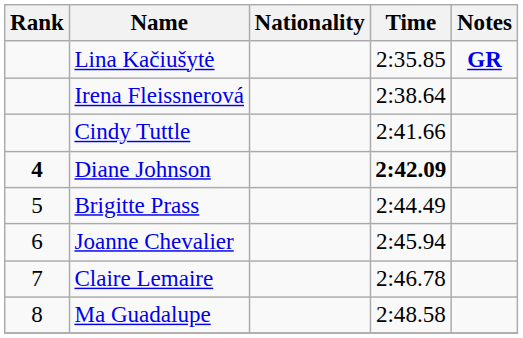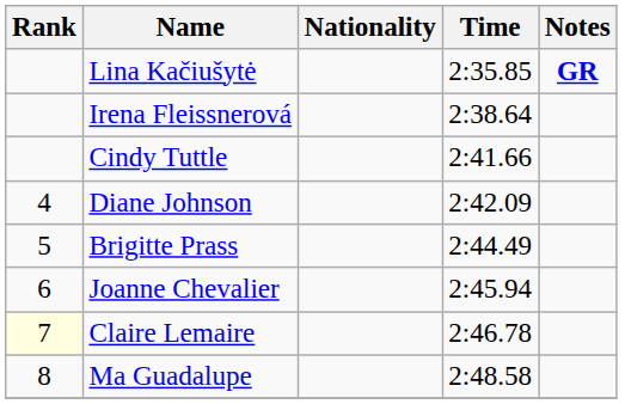 <table class="wikitable sortable" style="text-align:center">
 <tr>
 <th>Rank</th>
 <th>Name</th>
 <th>Nationality</th>
 <th>Time</th>
 <th>Notes</th>
 </tr>
 <tr>
 <td></td>
 <td align="left"><a href='#'>Lina Kačiušytė</a></td>
 <td align="left"></td>
 <td>2:35.85</td>
 <td><strong><a href='#'>GR</a></strong></td>
 </tr>
 <tr>
 <td></td>
 <td align="left"><a href='#'>Irena Fleissnerová</a></td>
 <td align="left"></td>
 <td>2:38.64</td>
 <td></td>
 </tr>
 <tr>
 <td></td>
 <td align="left"><a href='#'>Cindy Tuttle</a></td>
 <td align="left"></td>
 <td>2:41.66</td>
 <td></td>
 </tr>
 <tr>
-<td><strong>4</strong></td>
+<td>4</td>
 <td align="left"><a href='#'>Diane Johnson</a></td>
 <td align="left"></td>
-<td><strong>2:42.09</strong></td>
+<td>2:42.09</td>
 <td></td>
 </tr>
 <tr>
 <td>5</td>
 <td align="left"><a href='#'>Brigitte Prass</a></td>
 <td align="left"></td>
 <td>2:44.49</td>
 <td></td>
 </tr>
 <tr>
 <td>6</td>
 <td align="left"><a href='#'>Joanne Chevalier</a></td>
 <td align="left"></td>
 <td>2:45.94</td>
 <td></td>
 </tr>
 <tr>
-<td>7</td>
+<td style="background: lightyellow;">7</td>
 <td align="left"><a href='#'>Claire Lemaire</a></td>
 <td align="left"></td>
 <td>2:46.78</td>
 <td></td>
 </tr>
 <tr>
 <td>8</td>
 <td align="left"><a href='#'>Ma Guadalupe</a></td>
 <td align="left"></td>
 <td>2:48.58</td>
 <td></td>
 </tr>
 <tr>
 </tr>
 </table>
